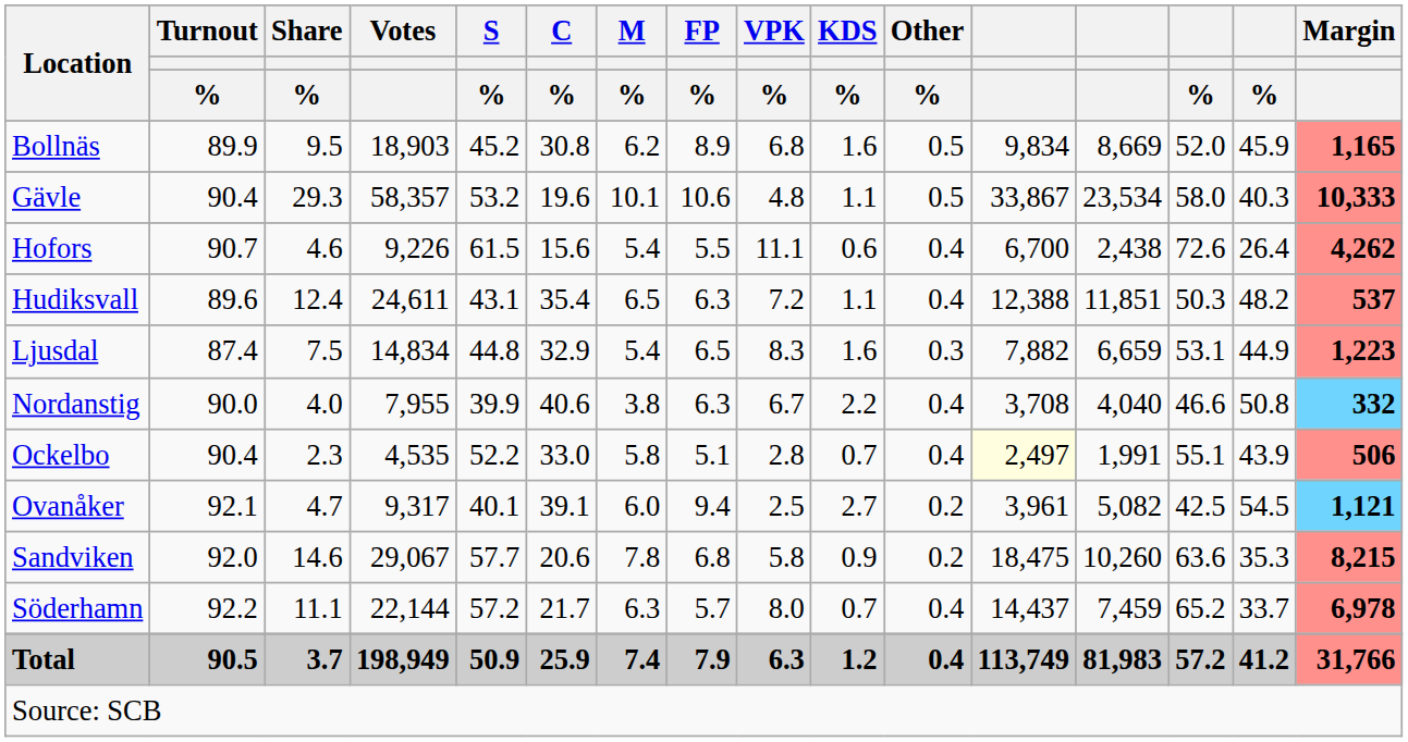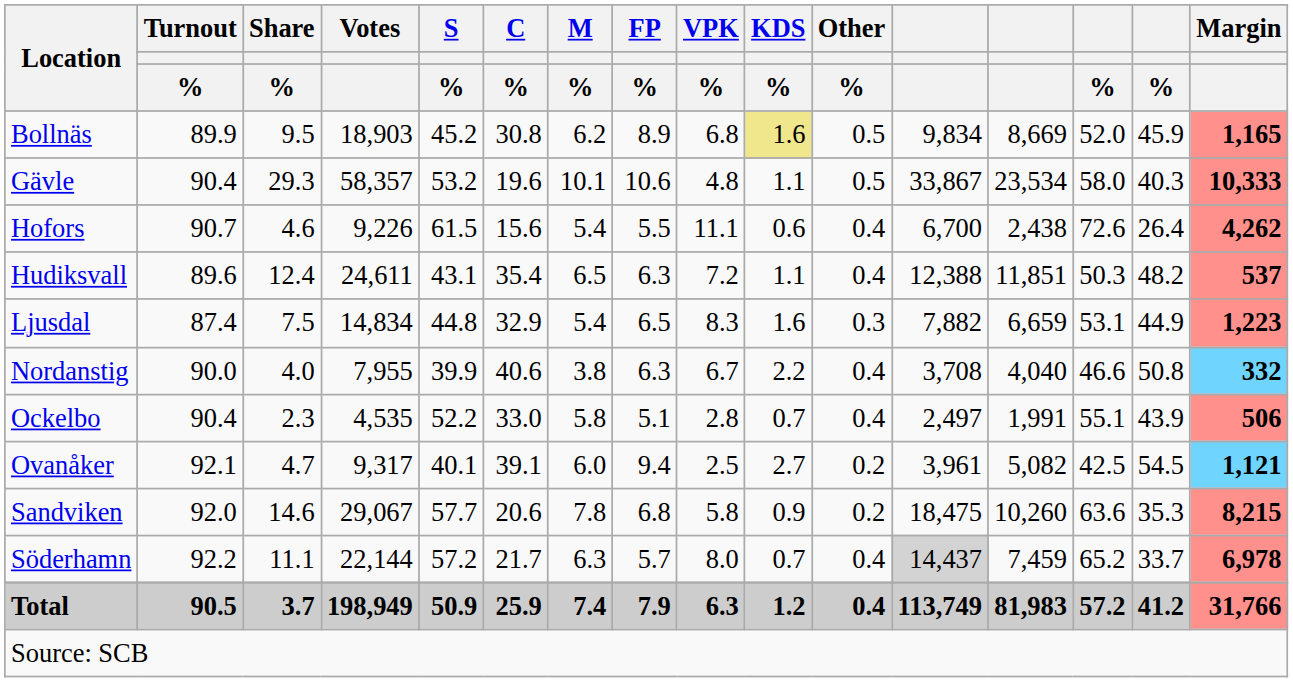 <table class="wikitable sortable" style="text-align:right; font-size:95%; line-height:20px;">
 <tr>
 <th rowspan="3">Location</th>
 <th>Turnout</th>
 <th>Share</th>
 <th>Votes</th>
 <th width="30px" class="unsortable"><a href='#'>S</a></th>
 <th width="30px" class="unsortable"><a href='#'>C</a></th>
 <th width="30px" class="unsortable"><a href='#'>M</a></th>
 <th width="30px" class="unsortable"><a href='#'>FP</a></th>
 <th width="30px" class="unsortable"><a href='#'>VPK</a></th>
 <th width="30px" class="unsortable"><a href='#'>KDS</a></th>
 <th width="30px" class="unsortable">Other</th>
 <th></th>
 <th></th>
 <th></th>
 <th></th>
 <th>Margin</th>
 </tr>
 <tr>
 <th></th>
 <th></th>
 <th></th>
 <th style="background:"></th>
 <th style="background:"></th>
 <th style="background:"></th>
 <th style="background:"></th>
 <th style="background:"></th>
 <th style="background:"></th>
 <th style="background:"></th>
 <th style="background:"></th>
 <th style="background:"></th>
 <th style="background:"></th>
 <th style="background:"></th>
 <th></th>
 </tr>
 <tr>
 <th data-sort-type="number">%</th>
 <th data-sort-type="number">%</th>
 <th></th>
 <th data-sort-type="number">%</th>
 <th data-sort-type="number">%</th>
 <th data-sort-type="number">%</th>
 <th data-sort-type="number">%</th>
 <th data-sort-type="number">%</th>
 <th data-sort-type="number">%</th>
 <th data-sort-type="number">%</th>
 <th data-sort-type="number"></th>
 <th data-sort-type="number"></th>
 <th data-sort-type="number">%</th>
 <th data-sort-type="number">%</th>
 <th data-sort-type="number"></th>
 </tr>
 <tr>
 <td align=left><a href='#'>Bollnäs</a></td>
 <td>89.9</td>
 <td>9.5</td>
 <td>18,903</td>
 <td>45.2</td>
 <td>30.8</td>
 <td>6.2</td>
 <td>8.9</td>
 <td>6.8</td>
-<td>1.6</td>
+<td style="background: khaki;">1.6</td>
 <td>0.5</td>
 <td>9,834</td>
 <td>8,669</td>
 <td>52.0</td>
 <td>45.9</td>
 <td bgcolor=#ff908c><strong>1,165</strong></td>
 </tr>
 <tr>
 <td align=left><a href='#'>Gävle</a></td>
 <td>90.4</td>
 <td>29.3</td>
 <td>58,357</td>
 <td>53.2</td>
 <td>19.6</td>
 <td>10.1</td>
 <td>10.6</td>
 <td>4.8</td>
 <td>1.1</td>
 <td>0.5</td>
 <td>33,867</td>
 <td>23,534</td>
 <td>58.0</td>
 <td>40.3</td>
 <td bgcolor=#ff908c><strong>10,333</strong></td>
 </tr>
 <tr>
 <td align=left><a href='#'>Hofors</a></td>
 <td>90.7</td>
 <td>4.6</td>
 <td>9,226</td>
 <td>61.5</td>
 <td>15.6</td>
 <td>5.4</td>
 <td>5.5</td>
 <td>11.1</td>
 <td>0.6</td>
 <td>0.4</td>
 <td>6,700</td>
 <td>2,438</td>
 <td>72.6</td>
 <td>26.4</td>
 <td bgcolor=#ff908c><strong>4,262</strong></td>
 </tr>
 <tr>
 <td align=left><a href='#'>Hudiksvall</a></td>
 <td>89.6</td>
 <td>12.4</td>
 <td>24,611</td>
 <td>43.1</td>
 <td>35.4</td>
 <td>6.5</td>
 <td>6.3</td>
 <td>7.2</td>
 <td>1.1</td>
 <td>0.4</td>
 <td>12,388</td>
 <td>11,851</td>
 <td>50.3</td>
 <td>48.2</td>
 <td bgcolor=#ff908c><strong>537</strong></td>
 </tr>
 <tr>
 <td align=left><a href='#'>Ljusdal</a></td>
 <td>87.4</td>
 <td>7.5</td>
 <td>14,834</td>
 <td>44.8</td>
 <td>32.9</td>
 <td>5.4</td>
 <td>6.5</td>
 <td>8.3</td>
 <td>1.6</td>
 <td>0.3</td>
 <td>7,882</td>
 <td>6,659</td>
 <td>53.1</td>
 <td>44.9</td>
 <td bgcolor=#ff908c><strong>1,223</strong></td>
 </tr>
 <tr>
 <td align=left><a href='#'>Nordanstig</a></td>
 <td>90.0</td>
 <td>4.0</td>
 <td>7,955</td>
 <td>39.9</td>
 <td>40.6</td>
 <td>3.8</td>
 <td>6.3</td>
 <td>6.7</td>
 <td>2.2</td>
 <td>0.4</td>
 <td>3,708</td>
 <td>4,040</td>
 <td>46.6</td>
 <td>50.8</td>
 <td bgcolor=#6fd5fe><strong>332</strong></td>
 </tr>
 <tr>
 <td align=left><a href='#'>Ockelbo</a></td>
 <td>90.4</td>
 <td>2.3</td>
 <td>4,535</td>
 <td>52.2</td>
 <td>33.0</td>
 <td>5.8</td>
 <td>5.1</td>
 <td>2.8</td>
 <td>0.7</td>
 <td>0.4</td>
-<td style="background: lightyellow;">2,497</td>
+<td>2,497</td>
 <td>1,991</td>
 <td>55.1</td>
 <td>43.9</td>
 <td bgcolor=#ff908c><strong>506</strong></td>
 </tr>
 <tr>
 <td align=left><a href='#'>Ovanåker</a></td>
 <td>92.1</td>
 <td>4.7</td>
 <td>9,317</td>
 <td>40.1</td>
 <td>39.1</td>
 <td>6.0</td>
 <td>9.4</td>
 <td>2.5</td>
 <td>2.7</td>
 <td>0.2</td>
 <td>3,961</td>
 <td>5,082</td>
 <td>42.5</td>
 <td>54.5</td>
 <td bgcolor=#6fd5fe><strong>1,121</strong></td>
 </tr>
 <tr>
 <td align=left><a href='#'>Sandviken</a></td>
 <td>92.0</td>
 <td>14.6</td>
 <td>29,067</td>
 <td>57.7</td>
 <td>20.6</td>
 <td>7.8</td>
 <td>6.8</td>
 <td>5.8</td>
 <td>0.9</td>
 <td>0.2</td>
 <td>18,475</td>
 <td>10,260</td>
 <td>63.6</td>
 <td>35.3</td>
 <td bgcolor=#ff908c><strong>8,215</strong></td>
 </tr>
 <tr>
 <td align=left><a href='#'>Söderhamn</a></td>
 <td>92.2</td>
 <td>11.1</td>
 <td>22,144</td>
 <td>57.2</td>
 <td>21.7</td>
 <td>6.3</td>
 <td>5.7</td>
 <td>8.0</td>
 <td>0.7</td>
 <td>0.4</td>
-<td>14,437</td>
+<td style="background: lightgrey;">14,437</td>
 <td>7,459</td>
 <td>65.2</td>
 <td>33.7</td>
 <td bgcolor=#ff908c><strong>6,978</strong></td>
 </tr>
 <tr>
 </tr>
 <tr style="background:#CDCDCD;">
 <td align=left><strong>Total</strong></td>
 <td><strong>90.5</strong></td>
 <td><strong>3.7</strong></td>
 <td><strong>198,949</strong></td>
 <td><strong>50.9</strong></td>
 <td><strong>25.9</strong></td>
 <td><strong>7.4</strong></td>
 <td><strong>7.9</strong></td>
 <td><strong>6.3</strong></td>
 <td><strong>1.2</strong></td>
 <td><strong>0.4</strong></td>
 <td><strong>113,749</strong></td>
 <td><strong>81,983</strong></td>
 <td><strong>57.2</strong></td>
 <td><strong>41.2</strong></td>
 <td bgcolor=#ff908c><strong>31,766</strong></td>
 </tr>
 <tr>
 <td align=left colspan=16>Source: SCB </td>
 </tr>
 </table>
